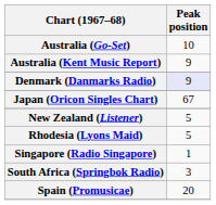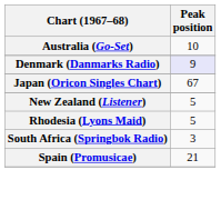 <table class="wikitable sortable plainrowheaders" style="text-align:center">
 <tr>
 <th>Chart (1967–68)</th>
 <th>Peak<br>position</th>
 </tr>
 <tr>
 <th scope="row">Australia (<em><a href='#'>Go-Set</a></em>)</th>
 <td>10</td>
-</tr>
-<tr>
-<th scope="row">Australia (<a href='#'>Kent Music Report</a>)</th>
-<td>9</td>
 </tr>
 <tr>
 </tr>
 <tr>
 </tr>
 <tr>
 <th scope="row">Denmark (<a href='#'>Danmarks Radio</a>)</th>
 <td style="background: lavender;">9</td>
 </tr>
 <tr>
 </tr>
 <tr>
 <th scope="row">Japan (<a href='#'>Oricon Singles Chart</a>)</th>
 <td>67</td>
 </tr>
 <tr>
 </tr>
 <tr>
 </tr>
 <tr>
 <th scope="row">New Zealand (<em><a href='#'>Listener</a></em>)</th>
 <td>5</td>
 </tr>
 <tr>
 <th scope="row">Rhodesia (<a href='#'>Lyons Maid</a>)</th>
 <td>5</td>
 </tr>
 <tr>
-<th scope="row">Singapore (<a href='#'>Radio Singapore</a>)</th>
-<td>1</td>
-</tr>
-<tr>
 <th scope="row">South Africa (<a href='#'>Springbok Radio</a>)</th>
 <td>3</td>
 </tr>
 <tr>
 <th scope="row">Spain (<a href='#'>Promusicae</a>)</th>
-<td>20</td>
+<td>21</td>
 </tr>
 <tr>
 </tr>
 </table>
